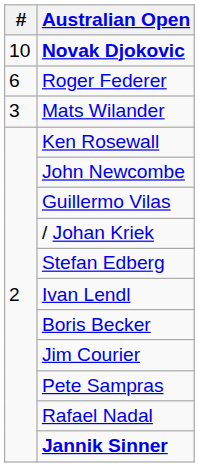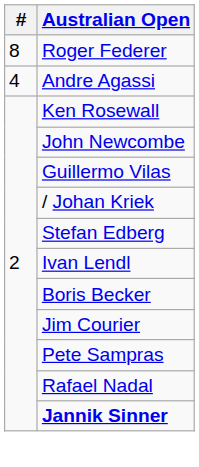 <table class="wikitable" style="display:inline-table;">
 <tr>
 <th width=20>#</th>
 <th><a href='#'>Australian Open</a></th>
 </tr>
 <tr>
-<td>10</td>
-<td> <strong><a href='#'>Novak Djokovic</a></strong></td>
-</tr>
-<tr>
-<td>6</td>
+<td>8</td>
 <td> <a href='#'>Roger Federer</a></td>
 </tr>
 <tr>
-<td>3</td>
-<td> <a href='#'>Mats Wilander</a></td>
+<td>4</td>
+<td> <a href='#'>Andre Agassi</a></td>
 </tr>
 <tr>
 <td rowspan="11">2</td>
 <td> <a href='#'>Ken Rosewall</a></td>
 </tr>
 <tr>
 <td> <a href='#'>John Newcombe</a></td>
 </tr>
 <tr>
 <td> <a href='#'>Guillermo Vilas</a></td>
 </tr>
 <tr>
 <td>/ <a href='#'>Johan Kriek</a></td>
 </tr>
 <tr>
 <td> <a href='#'>Stefan Edberg</a></td>
 </tr>
 <tr>
 <td> <a href='#'>Ivan Lendl</a></td>
 </tr>
 <tr>
 <td> <a href='#'>Boris Becker</a></td>
 </tr>
 <tr>
 <td> <a href='#'>Jim Courier</a></td>
 </tr>
 <tr>
 <td> <a href='#'>Pete Sampras</a></td>
 </tr>
 <tr>
 <td> <a href='#'>Rafael Nadal</a></td>
 </tr>
 <tr>
 <td> <strong><a href='#'>Jannik Sinner</a></strong></td>
 </tr>
 </table>
